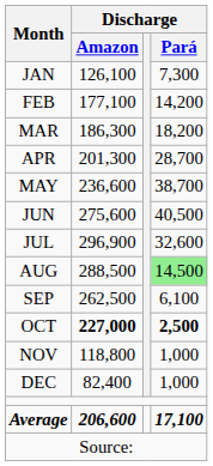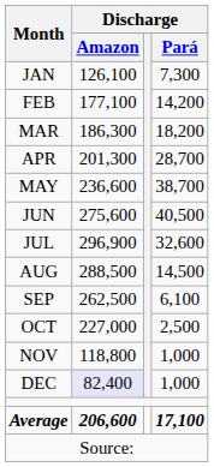 <table class="wikitable mw-collapsible mw-collapsed" style="text-align:center;">
 <tr>
 <th rowspan="2">Month</th>
 <th colspan="3">Discharge</th>
 </tr>
 <tr>
 <th><a href='#'>Amazon</a></th>
 <th rowspan="13"></th>
 <th><a href='#'>Pará</a></th>
 </tr>
 <tr>
 <td>JAN</td>
 <td>126,100</td>
 <td>7,300</td>
 </tr>
 <tr>
 <td>FEB</td>
 <td>177,100</td>
 <td>14,200</td>
 </tr>
 <tr>
 <td>MAR</td>
 <td>186,300</td>
 <td>18,200</td>
 </tr>
 <tr>
 <td>APR</td>
 <td>201,300</td>
 <td>28,700</td>
 </tr>
 <tr>
 <td>MAY</td>
 <td>236,600</td>
 <td>38,700</td>
 </tr>
 <tr>
 <td>JUN</td>
 <td>275,600</td>
 <td>40,500</td>
 </tr>
 <tr>
 <td>JUL</td>
 <td>296,900</td>
 <td>32,600</td>
 </tr>
 <tr>
 <td>AUG</td>
 <td>288,500</td>
-<td style="background: lightgreen;">14,500</td>
+<td>14,500</td>
 </tr>
 <tr>
 <td>SEP</td>
 <td>262,500</td>
 <td>6,100</td>
 </tr>
 <tr>
 <td>OCT</td>
-<td><strong>227,000</strong></td>
-<td><strong>2,500</strong></td>
+<td>227,000</td>
+<td>2,500</td>
 </tr>
 <tr>
 <td>NOV</td>
 <td>118,800</td>
 <td>1,000</td>
 </tr>
 <tr>
 <td>DEC</td>
-<td>82,400</td>
+<td style="background: lavender;">82,400</td>
 <td>1,000</td>
 </tr>
 <tr>
 <td colspan="4"></td>
 </tr>
 <tr>
 <td><strong><em>Average</em></strong></td>
 <td><strong><em>206,600</em></strong></td>
 <td></td>
 <td><strong><em>17,100</em></strong></td>
 </tr>
 <tr>
 <td colspan="4">Source:</td>
 </tr>
 </table>
